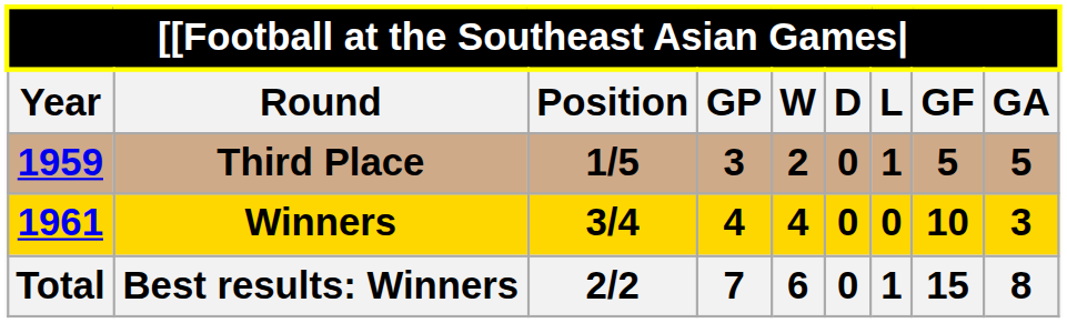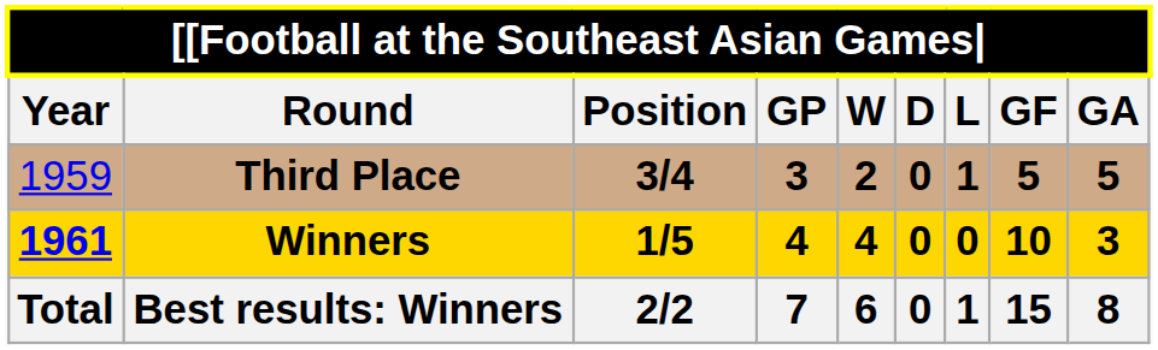 <table class="wikitable" style="text-align: center;">
 <tr>
 <th colspan=9 style="background: #000000; color: #FFFFFF; border:2px solid #FFFF00;">[[Football at the Southeast Asian Games|</th>
 </tr>
 <tr>
 <th>Year</th>
 <th>Round</th>
 <th>Position</th>
 <th>GP</th>
 <th>W</th>
 <th>D</th>
 <th>L</th>
 <th>GF</th>
 <th>GA</th>
 </tr>
 <tr style="background:#cfaa88;">
-<td><strong> <a href='#'>1959</a></strong></td>
+<td> <a href='#'>1959</a></td>
 <td><strong>Third Place</strong></td>
-<td><strong>1/5</strong></td>
+<td><strong>3/4</strong></td>
 <td><strong>3</strong></td>
 <td><strong>2</strong></td>
 <td><strong>0</strong></td>
 <td><strong>1</strong></td>
 <td><strong>5</strong></td>
 <td><strong>5</strong></td>
 </tr>
 <tr style="background:Gold;">
 <td><strong> <a href='#'>1961</a></strong></td>
 <td><strong>Winners</strong></td>
-<td><strong>3/4</strong></td>
+<td><strong>1/5</strong></td>
 <td><strong>4</strong></td>
 <td><strong>4</strong></td>
 <td><strong>0</strong></td>
 <td><strong>0</strong></td>
 <td><strong>10</strong></td>
 <td><strong>3</strong></td>
 </tr>
 <tr>
 <th><strong>Total</strong></th>
 <th><strong>Best results: Winners</strong></th>
 <th><strong>2/2</strong></th>
 <th><strong>7</strong></th>
 <th><strong>6</strong></th>
 <th><strong>0</strong></th>
 <th><strong>1</strong></th>
 <th><strong>15</strong></th>
 <th><strong>8</strong></th>
 </tr>
 </table>
